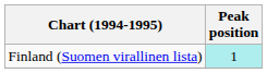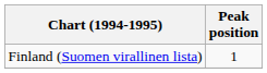 <table class="wikitable sortable">
 <tr>
 <th>Chart (1994-1995)</th>
 <th>Peak<br>position</th>
 </tr>
 <tr>
 <td>Finland (<a href='#'>Suomen virallinen lista</a>)</td>
-<td align="center" style="background: paleturquoise;">1</td>
+<td align="center">1</td>
 </tr>
 <tr>
 </tr>
 <tr>
 </tr>
 <tr>
 </tr>
 <tr>
 </tr>
 </table>
